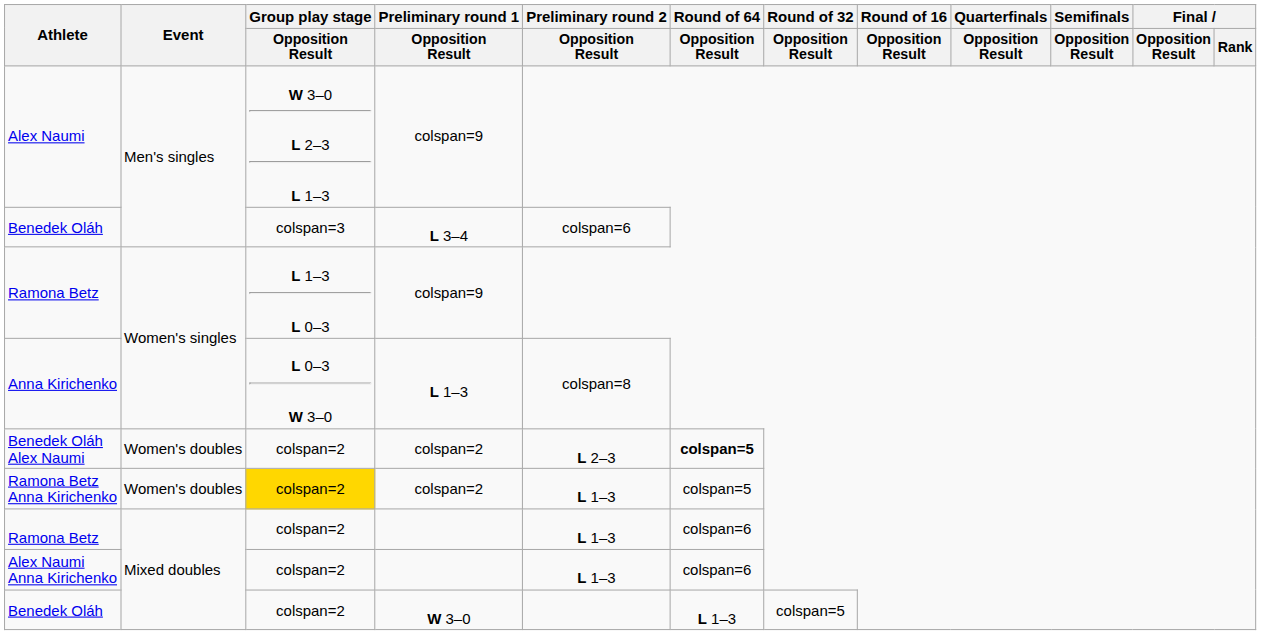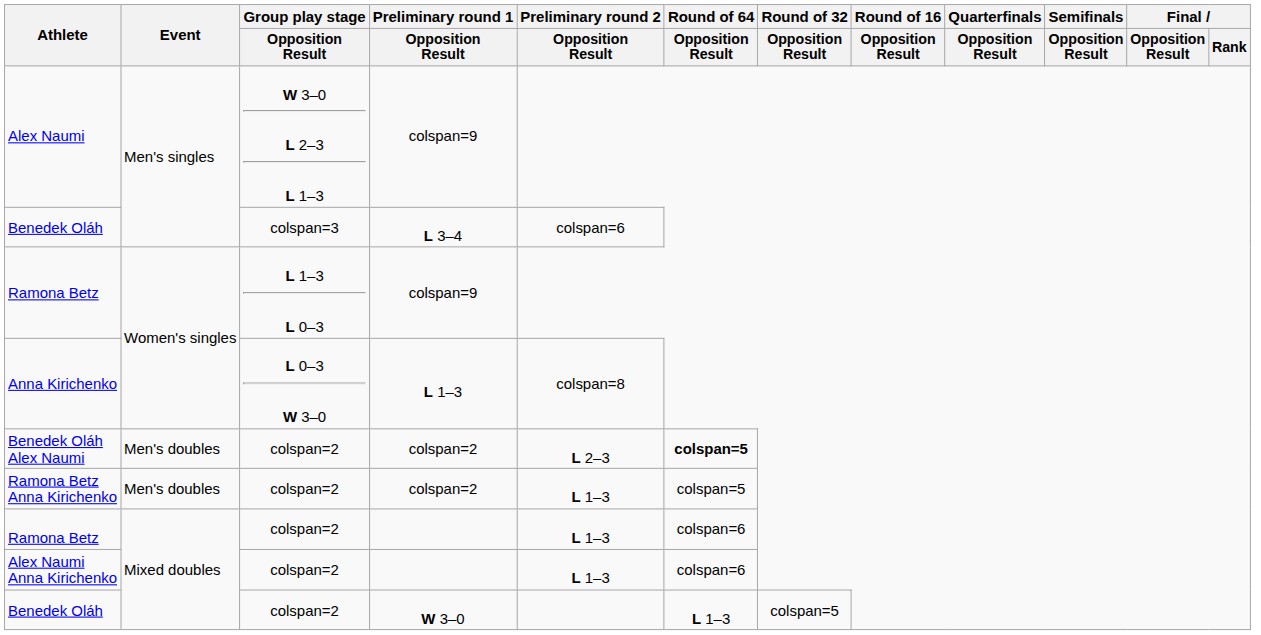 <table class="wikitable" style="font-size:90%;">
 <tr>
 <th rowspan=2>Athlete</th>
 <th rowspan=2>Event</th>
 <th>Group play stage</th>
 <th>Preliminary round 1</th>
 <th>Preliminary round 2</th>
 <th>Round of 64</th>
 <th>Round of 32</th>
 <th>Round of 16</th>
 <th>Quarterfinals</th>
 <th>Semifinals</th>
 <th colspan=2>Final / </th>
 </tr>
 <tr style="font-size:95%">
 <th>Opposition<br>Result</th>
 <th>Opposition<br>Result</th>
 <th>Opposition<br>Result</th>
 <th>Opposition<br>Result</th>
 <th>Opposition<br>Result</th>
 <th>Opposition<br>Result</th>
 <th>Opposition<br>Result</th>
 <th>Opposition<br>Result</th>
 <th>Opposition<br>Result</th>
 <th>Rank</th>
 </tr>
 <tr align=center>
 <td align=left><a href='#'>Alex Naumi</a></td>
 <td align=left rowspan=2>Men's singles</td>
 <td><br><strong>W</strong> 3–0<hr><br><strong>L</strong> 2–3<hr><br><strong>L</strong> 1–3</td>
 <td>colspan=9 </td>
 </tr>
 <tr align=center>
 <td align=left><a href='#'>Benedek Oláh</a></td>
 <td>colspan=3 </td>
 <td><br><strong>L</strong> 3–4</td>
 <td>colspan=6 </td>
 </tr>
 <tr align=center>
 <td align=left><a href='#'>Ramona Betz</a></td>
 <td align=left rowspan=2>Women's singles</td>
 <td><br><strong>L</strong> 1–3<hr><br><strong>L</strong> 0–3</td>
 <td>colspan=9 </td>
 </tr>
 <tr align=center>
 <td align=left><a href='#'>Anna Kirichenko</a></td>
 <td><br><strong>L</strong> 0–3<hr><br><strong>W</strong> 3–0</td>
 <td><br><strong>L</strong> 1–3</td>
 <td>colspan=8 </td>
 </tr>
 <tr align=center>
 <td align=left><a href='#'>Benedek Oláh</a><br><a href='#'>Alex Naumi</a></td>
-<td align=left>Women's doubles</td>
+<td align=left>Men's doubles</td>
 <td>colspan=2 </td>
 <td>colspan=2 </td>
 <td><br><strong>L</strong> 2–3</td>
 <td><strong>colspan=5 </strong></td>
 </tr>
 <tr align=center>
 <td align=left><a href='#'>Ramona Betz</a><br><a href='#'>Anna Kirichenko</a></td>
-<td align=left>Women's doubles</td>
-<td style="background: gold;">colspan=2 </td>
+<td align=left>Men's doubles</td>
+<td>colspan=2 </td>
 <td>colspan=2 </td>
 <td><br><strong>L</strong> 1–3</td>
 <td>colspan=5 </td>
 </tr>
 <tr align=center>
 <td align=left><br><a href='#'>Ramona Betz</a></td>
 <td align=left rowspan=3>Mixed doubles</td>
 <td>colspan=2 </td>
 <td></td>
 <td><br><strong>L</strong> 1–3</td>
 <td>colspan=6 </td>
 </tr>
 <tr align=center>
 <td align=left><a href='#'>Alex Naumi</a><br><a href='#'>Anna Kirichenko</a></td>
 <td>colspan=2 </td>
 <td></td>
 <td><br><strong>L</strong> 1–3</td>
 <td>colspan=6 </td>
 </tr>
 <tr align=center>
 <td align=left><a href='#'>Benedek Oláh</a><br></td>
 <td>colspan=2 </td>
 <td><br><strong>W</strong> 3–0</td>
 <td></td>
 <td><br><strong>L</strong> 1–3</td>
 <td>colspan=5 </td>
 </tr>
 </table>
